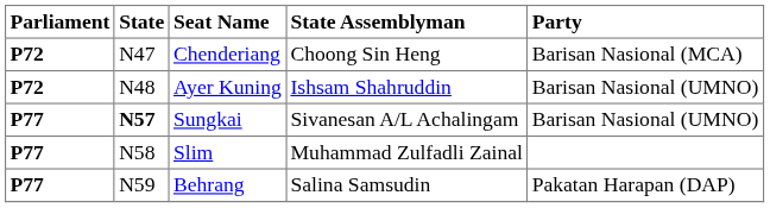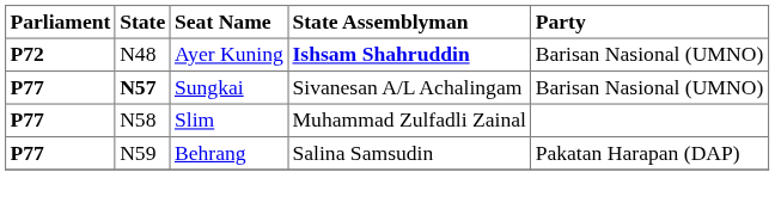 <table class="toccolours sortable" border="1" cellpadding="3" style="border-collapse:collapse; text-align: left;">
 <tr>
 <th align="center">Parliament</th>
 <th>State</th>
 <th>Seat Name</th>
 <th>State Assemblyman</th>
 <th>Party</th>
 </tr>
 <tr>
 <th align="left">P72</th>
-<td>N47</td>
-<td><a href='#'>Chenderiang</a></td>
-<td>Choong Sin Heng</td>
-<td>Barisan Nasional (MCA)</td>
-</tr>
-<tr>
-<th align="left">P72</th>
 <td>N48</td>
 <td><a href='#'>Ayer Kuning</a></td>
-<td><a href='#'>Ishsam Shahruddin</a></td>
+<td><strong><a href='#'>Ishsam Shahruddin</a></strong></td>
 <td>Barisan Nasional (UMNO)</td>
 </tr>
 <tr>
 <th align="left">P77</th>
 <td><strong>N57</strong></td>
 <td><a href='#'>Sungkai</a></td>
 <td>Sivanesan A/L Achalingam</td>
 <td>Barisan Nasional (UMNO)</td>
 </tr>
 <tr>
 <th align="left">P77</th>
 <td>N58</td>
 <td><a href='#'>Slim</a></td>
 <td>Muhammad Zulfadli Zainal</td>
 <td></td>
 </tr>
 <tr>
 <th align="left">P77</th>
 <td>N59</td>
 <td><a href='#'>Behrang</a></td>
 <td>Salina Samsudin</td>
 <td>Pakatan Harapan (DAP)</td>
 </tr>
 <tr>
 </tr>
 </table>
